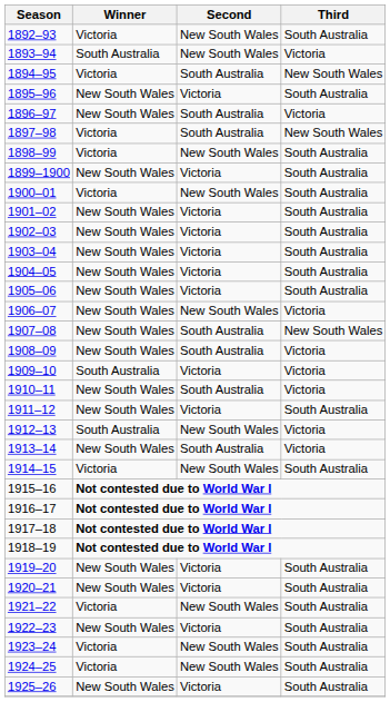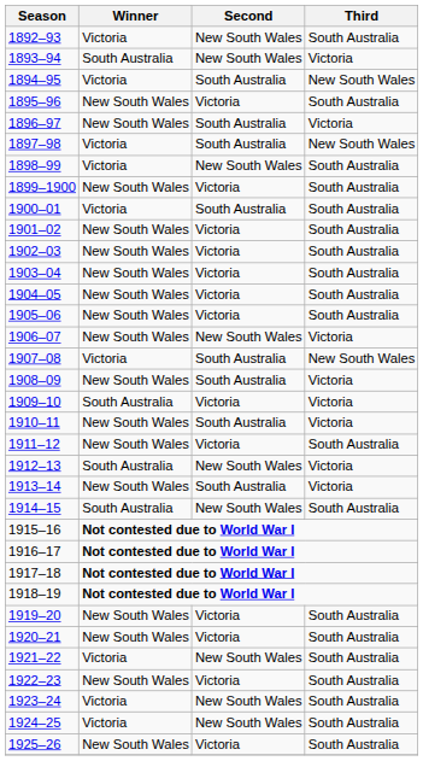 <table class="wikitable">
 <tr style="background:#efefef;">
 <th>Season</th>
 <th>Winner</th>
 <th>Second</th>
 <th>Third</th>
 </tr>
 <tr>
 <td><a href='#'>1892–93</a></td>
 <td style="background-color:#">Victoria</td>
 <td style="background-color:#">New South Wales</td>
 <td style="background-color:#">South Australia</td>
 </tr>
 <tr>
 <td><a href='#'>1893–94</a></td>
 <td style="background-color:#">South Australia</td>
 <td style="background-color:#">New South Wales</td>
 <td style="background-color:#">Victoria</td>
 </tr>
 <tr>
 <td><a href='#'>1894–95</a></td>
 <td style="background-color:#">Victoria</td>
 <td style="background-color:#">South Australia</td>
 <td style="background-color:#">New South Wales</td>
 </tr>
 <tr>
 <td><a href='#'>1895–96</a></td>
 <td style="background-color:#">New South Wales</td>
 <td style="background-color:#">Victoria</td>
 <td style="background-color:#">South Australia</td>
 </tr>
 <tr>
 <td><a href='#'>1896–97</a></td>
 <td style="background-color:#">New South Wales</td>
 <td style="background-color:#">South Australia</td>
 <td style="background-color:#">Victoria</td>
 </tr>
 <tr>
 <td><a href='#'>1897–98</a></td>
 <td style="background-color:#">Victoria</td>
 <td style="background-color:#">South Australia</td>
 <td style="background-color:#">New South Wales</td>
 </tr>
 <tr>
 <td><a href='#'>1898–99</a></td>
 <td style="background-color:#">Victoria</td>
 <td style="background-color:#">New South Wales</td>
 <td style="background-color:#">South Australia</td>
 </tr>
 <tr>
 <td><a href='#'>1899–1900</a></td>
 <td style="background-color:#">New South Wales</td>
 <td style="background-color:#">Victoria</td>
 <td style="background-color:#">South Australia</td>
 </tr>
 <tr>
 <td><a href='#'>1900–01</a></td>
 <td style="background-color:#">Victoria</td>
-<td style="background-color:#">New South Wales</td>
+<td style="background-color:#">South Australia</td>
 <td style="background-color:#">South Australia</td>
 </tr>
 <tr>
 <td><a href='#'>1901–02</a></td>
 <td style="background-color:#">New South Wales</td>
 <td style="background-color:#">Victoria</td>
 <td style="background-color:#">South Australia</td>
 </tr>
 <tr>
 <td><a href='#'>1902–03</a></td>
 <td style="background-color:#">New South Wales</td>
 <td style="background-color:#">Victoria</td>
 <td style="background-color:#">South Australia</td>
 </tr>
 <tr>
 <td><a href='#'>1903–04</a></td>
 <td style="background-color:#">New South Wales</td>
 <td style="background-color:#">Victoria</td>
 <td style="background-color:#">South Australia</td>
 </tr>
 <tr>
 <td><a href='#'>1904–05</a></td>
 <td style="background-color:#">New South Wales</td>
 <td style="background-color:#">Victoria</td>
 <td style="background-color:#">South Australia</td>
 </tr>
 <tr>
 <td><a href='#'>1905–06</a></td>
 <td style="background-color:#">New South Wales</td>
 <td style="background-color:#">Victoria</td>
 <td style="background-color:#">South Australia</td>
 </tr>
 <tr>
 <td><a href='#'>1906–07</a></td>
 <td style="background-color:#">New South Wales</td>
 <td style="background-color:#">New South Wales</td>
 <td style="background-color:#">Victoria</td>
 </tr>
 <tr>
 <td><a href='#'>1907–08</a></td>
-<td style="background-color:#">New South Wales</td>
+<td style="background-color:#">Victoria</td>
 <td style="background-color:#">South Australia</td>
 <td style="background-color:#">New South Wales</td>
 </tr>
 <tr>
 <td><a href='#'>1908–09</a></td>
 <td style="background-color:#">New South Wales</td>
 <td style="background-color:#">South Australia</td>
 <td style="background-color:#">Victoria</td>
 </tr>
 <tr>
 <td><a href='#'>1909–10</a></td>
 <td style="background-color:#">South Australia</td>
 <td style="background-color:#">Victoria</td>
 <td style="background-color:#">Victoria</td>
 </tr>
 <tr>
 <td><a href='#'>1910–11</a></td>
 <td style="background-color:#">New South Wales</td>
 <td style="background-color:#">South Australia</td>
 <td style="background-color:#">Victoria</td>
 </tr>
 <tr>
 <td><a href='#'>1911–12</a></td>
 <td style="background-color:#">New South Wales</td>
 <td style="background-color:#">Victoria</td>
 <td style="background-color:#">South Australia</td>
 </tr>
 <tr>
 <td><a href='#'>1912–13</a></td>
 <td style="background-color:#">South Australia</td>
 <td style="background-color:#">New South Wales</td>
 <td style="background-color:#">Victoria</td>
 </tr>
 <tr>
 <td><a href='#'>1913–14</a></td>
 <td style="background-color:#">New South Wales</td>
 <td style="background-color:#">South Australia</td>
 <td style="background-color:#">Victoria</td>
 </tr>
 <tr>
 <td><a href='#'>1914–15</a></td>
-<td style="background-color:#">Victoria</td>
+<td style="background-color:#">South Australia</td>
 <td style="background-color:#">New South Wales</td>
 <td style="background-color:#">South Australia</td>
 </tr>
 <tr>
 <td>1915–16</td>
 <td colspan="3"><strong>Not contested due to <a href='#'>World War I</a></strong></td>
 </tr>
 <tr>
 <td>1916–17</td>
 <td colspan="3"><strong>Not contested due to <a href='#'>World War I</a></strong></td>
 </tr>
 <tr>
 <td>1917–18</td>
 <td colspan="3"><strong>Not contested due to <a href='#'>World War I</a></strong></td>
 </tr>
 <tr>
 <td>1918–19</td>
 <td colspan="3"><strong>Not contested due to <a href='#'>World War I</a></strong></td>
 </tr>
 <tr>
 <td><a href='#'>1919–20</a></td>
 <td style="background-color:#">New South Wales</td>
 <td style="background-color:#">Victoria</td>
 <td style="background-color:#">South Australia</td>
 </tr>
 <tr>
 <td><a href='#'>1920–21</a></td>
 <td style="background-color:#">New South Wales</td>
 <td style="background-color:#">Victoria</td>
 <td style="background-color:#">South Australia</td>
 </tr>
 <tr>
 <td><a href='#'>1921–22</a></td>
 <td style="background-color:#">Victoria</td>
 <td style="background-color:#">New South Wales</td>
 <td style="background-color:#">South Australia</td>
 </tr>
 <tr>
 <td><a href='#'>1922–23</a></td>
 <td style="background-color:#">New South Wales</td>
 <td style="background-color:#">Victoria</td>
 <td style="background-color:#">South Australia</td>
 </tr>
 <tr>
 <td><a href='#'>1923–24</a></td>
 <td style="background-color:#">Victoria</td>
 <td style="background-color:#">New South Wales</td>
 <td style="background-color:#">South Australia</td>
 </tr>
 <tr>
 <td><a href='#'>1924–25</a></td>
 <td style="background-color:#">Victoria</td>
 <td style="background-color:#">New South Wales</td>
 <td style="background-color:#">South Australia</td>
 </tr>
 <tr>
 <td><a href='#'>1925–26</a></td>
 <td style="background-color:#">New South Wales</td>
 <td style="background-color:#">Victoria</td>
 <td style="background-color:#">South Australia</td>
 </tr>
 <tr>
 </tr>
 </table>
